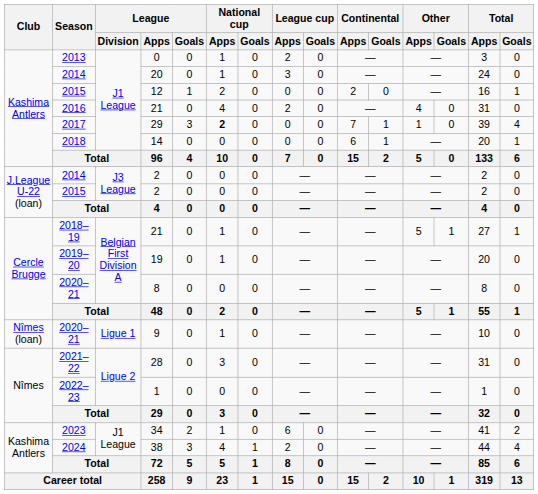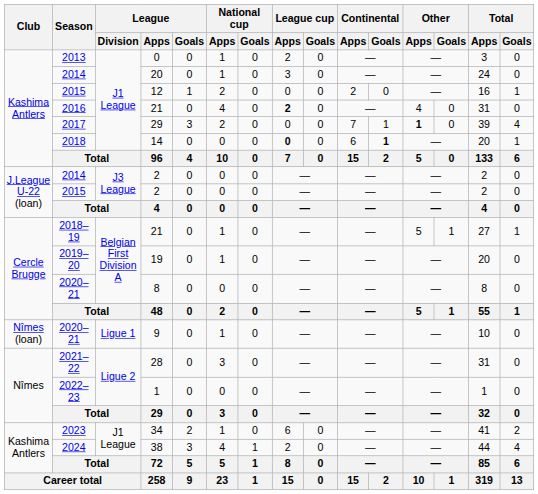 <table class=wikitable style=text-align:center>
 <tr>
 <th rowspan="2">Club</th>
 <th rowspan="2">Season</th>
 <th colspan="3">League</th>
 <th colspan="2">National cup</th>
 <th colspan="2">League cup</th>
 <th colspan="2">Continental</th>
 <th colspan="2">Other</th>
 <th colspan="2">Total</th>
 </tr>
 <tr>
 <th>Division</th>
 <th>Apps</th>
 <th>Goals</th>
 <th>Apps</th>
 <th>Goals</th>
 <th>Apps</th>
 <th>Goals</th>
 <th>Apps</th>
 <th>Goals</th>
 <th>Apps</th>
 <th>Goals</th>
 <th>Apps</th>
 <th>Goals</th>
 </tr>
 <tr>
 <td rowspan="7"><a href='#'>Kashima Antlers</a></td>
 <td><a href='#'>2013</a></td>
 <td rowspan="6"><a href='#'>J1 League</a></td>
 <td>0</td>
 <td>0</td>
 <td>1</td>
 <td>0</td>
 <td>2</td>
 <td>0</td>
 <td colspan="2">—</td>
 <td colspan="2">—</td>
 <td>3</td>
 <td>0</td>
 </tr>
 <tr>
 <td><a href='#'>2014</a></td>
 <td>20</td>
 <td>0</td>
 <td>1</td>
 <td>0</td>
 <td>3</td>
 <td>0</td>
 <td colspan="2">—</td>
 <td colspan="2">—</td>
 <td>24</td>
 <td>0</td>
 </tr>
 <tr>
 <td><a href='#'>2015</a></td>
 <td>12</td>
 <td>1</td>
 <td>2</td>
 <td>0</td>
 <td>0</td>
 <td>0</td>
 <td>2</td>
 <td>0</td>
 <td colspan="2">—</td>
 <td>16</td>
 <td>1</td>
 </tr>
 <tr>
 <td><a href='#'>2016</a></td>
 <td>21</td>
 <td>0</td>
 <td>4</td>
 <td>0</td>
-<td>2</td>
+<td><strong>2</strong></td>
 <td>0</td>
 <td colspan="2">—</td>
 <td>4</td>
 <td>0</td>
 <td>31</td>
 <td>0</td>
 </tr>
 <tr>
 <td><a href='#'>2017</a></td>
 <td>29</td>
 <td>3</td>
-<td><strong>2</strong></td>
+<td>2</td>
 <td>0</td>
 <td>0</td>
 <td>0</td>
 <td>7</td>
 <td>1</td>
-<td>1</td>
+<td><strong>1</strong></td>
 <td>0</td>
 <td>39</td>
 <td>4</td>
 </tr>
 <tr>
 <td><a href='#'>2018</a></td>
 <td>14</td>
 <td>0</td>
 <td>0</td>
 <td>0</td>
-<td>0</td>
+<td><strong>0</strong></td>
 <td>0</td>
 <td>6</td>
-<td>1</td>
+<td><strong>1</strong></td>
 <td colspan="2">—</td>
 <td>20</td>
 <td>1</td>
 </tr>
 <tr>
 <th colspan="2">Total</th>
 <th>96</th>
 <th>4</th>
 <th>10</th>
 <th>0</th>
 <th>7</th>
 <th>0</th>
 <th>15</th>
 <th>2</th>
 <th>5</th>
 <th>0</th>
 <th>133</th>
 <th>6</th>
 </tr>
 <tr>
 <td rowspan="3"><a href='#'>J.League U-22</a> (loan)</td>
 <td><a href='#'>2014</a></td>
 <td rowspan="2"><a href='#'>J3 League</a></td>
 <td>2</td>
 <td>0</td>
 <td>0</td>
 <td>0</td>
 <td colspan="2">—</td>
 <td colspan="2">—</td>
 <td colspan="2">—</td>
 <td>2</td>
 <td>0</td>
 </tr>
 <tr>
 <td><a href='#'>2015</a></td>
 <td>2</td>
 <td>0</td>
 <td>0</td>
 <td>0</td>
 <td colspan="2">—</td>
 <td colspan="2">—</td>
 <td colspan="2">—</td>
 <td>2</td>
 <td>0</td>
 </tr>
 <tr>
 <th colspan="2">Total</th>
 <th>4</th>
 <th>0</th>
 <th>0</th>
 <th>0</th>
 <th colspan="2">—</th>
 <th colspan="2">—</th>
 <th colspan="2">—</th>
 <th>4</th>
 <th>0</th>
 </tr>
 <tr>
 <td rowspan="4"><a href='#'>Cercle Brugge</a></td>
 <td><a href='#'>2018–19</a></td>
 <td rowspan="3"><a href='#'>Belgian First Division A</a></td>
 <td>21</td>
 <td>0</td>
 <td>1</td>
 <td>0</td>
 <td colspan="2">—</td>
 <td colspan="2">—</td>
 <td>5</td>
 <td>1</td>
 <td>27</td>
 <td>1</td>
 </tr>
 <tr>
 <td><a href='#'>2019–20</a></td>
 <td>19</td>
 <td>0</td>
 <td>1</td>
 <td>0</td>
 <td colspan="2">—</td>
 <td colspan="2">—</td>
 <td colspan="2">—</td>
 <td>20</td>
 <td>0</td>
 </tr>
 <tr>
 <td><a href='#'>2020–21</a></td>
 <td>8</td>
 <td>0</td>
 <td>0</td>
 <td>0</td>
 <td colspan="2">—</td>
 <td colspan="2">—</td>
 <td colspan="2">—</td>
 <td>8</td>
 <td>0</td>
 </tr>
 <tr>
 <th colspan="2">Total</th>
 <th>48</th>
 <th>0</th>
 <th>2</th>
 <th>0</th>
 <th colspan="2">—</th>
 <th colspan="2">—</th>
 <th>5</th>
 <th>1</th>
 <th>55</th>
 <th>1</th>
 </tr>
 <tr>
 <td><a href='#'>Nîmes</a> (loan)</td>
 <td><a href='#'>2020–21</a></td>
 <td><a href='#'>Ligue 1</a></td>
 <td>9</td>
 <td>0</td>
 <td>1</td>
 <td>0</td>
 <td colspan="2">—</td>
 <td colspan="2">—</td>
 <td colspan="2">—</td>
 <td>10</td>
 <td>0</td>
 </tr>
 <tr>
 <td rowspan="3">Nîmes</td>
 <td><a href='#'>2021–22</a></td>
 <td rowspan="2"><a href='#'>Ligue 2</a></td>
 <td>28</td>
 <td>0</td>
 <td>3</td>
 <td>0</td>
 <td colspan="2">—</td>
 <td colspan="2">—</td>
 <td colspan="2">—</td>
 <td>31</td>
 <td>0</td>
 </tr>
 <tr>
 <td><a href='#'>2022–23</a></td>
 <td>1</td>
 <td>0</td>
 <td>0</td>
 <td>0</td>
 <td colspan="2">—</td>
 <td colspan="2">—</td>
 <td colspan="2">—</td>
 <td>1</td>
 <td>0</td>
 </tr>
 <tr>
 <th colspan="2">Total</th>
 <th>29</th>
 <th>0</th>
 <th>3</th>
 <th>0</th>
 <th colspan="2">—</th>
 <th colspan="2">—</th>
 <th colspan="2">—</th>
 <th>32</th>
 <th>0</th>
 </tr>
 <tr>
 <td rowspan="3">Kashima Antlers</td>
 <td><a href='#'>2023</a></td>
 <td rowspan="2">J1 League</td>
 <td>34</td>
 <td>2</td>
 <td>1</td>
 <td>0</td>
 <td>6</td>
 <td>0</td>
 <td colspan="2">—</td>
 <td colspan="2">—</td>
 <td>41</td>
 <td>2</td>
 </tr>
 <tr>
 <td><a href='#'>2024</a></td>
 <td>38</td>
 <td>3</td>
 <td>4</td>
 <td>1</td>
 <td>2</td>
 <td>0</td>
 <td colspan="2">—</td>
 <td colspan="2">—</td>
 <td>44</td>
 <td>4</td>
 </tr>
 <tr>
 <th colspan="2">Total</th>
 <th>72</th>
 <th>5</th>
 <th>5</th>
 <th>1</th>
 <th>8</th>
 <th>0</th>
 <th colspan="2">—</th>
 <th colspan="2">—</th>
 <th>85</th>
 <th>6</th>
 </tr>
 <tr>
 <th colspan="3">Career total</th>
 <th>258</th>
 <th>9</th>
 <th>23</th>
 <th>1</th>
 <th>15</th>
 <th>0</th>
 <th>15</th>
 <th>2</th>
 <th>10</th>
 <th>1</th>
 <th>319</th>
 <th>13</th>
 </tr>
 </table>
